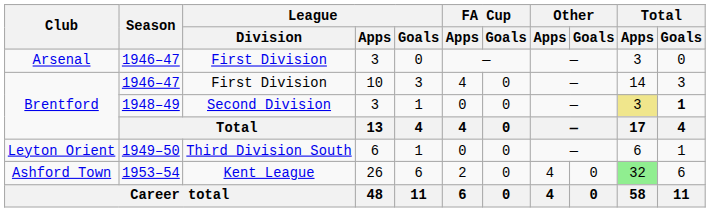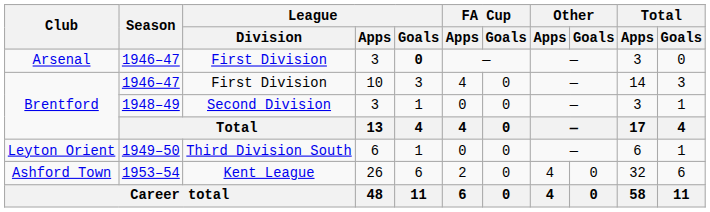 <table class="wikitable" style="text-align: center;">
 <tr>
 <th rowspan="2">Club</th>
 <th rowspan="2">Season</th>
 <th colspan="3">League</th>
 <th colspan="2">FA Cup</th>
 <th colspan="2">Other</th>
 <th colspan="2">Total</th>
 </tr>
 <tr>
 <th>Division</th>
 <th>Apps</th>
 <th>Goals</th>
 <th>Apps</th>
 <th>Goals</th>
 <th>Apps</th>
 <th>Goals</th>
 <th>Apps</th>
 <th>Goals</th>
 </tr>
 <tr>
 <td><a href='#'>Arsenal</a></td>
 <td><a href='#'>1946–47</a></td>
 <td><a href='#'>First Division</a></td>
 <td>3</td>
-<td>0</td>
+<td><strong>0</strong></td>
 <td colspan="2"><em>—</em></td>
 <td colspan="2"><em>—</em></td>
 <td>3</td>
 <td>0</td>
 </tr>
 <tr>
 <td rowspan="3"><a href='#'>Brentford</a></td>
 <td><a href='#'>1946–47</a></td>
 <td>First Division</td>
 <td>10</td>
 <td>3</td>
 <td>4</td>
 <td>0</td>
 <td colspan="2"><em>—</em></td>
 <td>14</td>
 <td>3</td>
 </tr>
 <tr>
 <td><a href='#'>1948–49</a></td>
 <td><a href='#'>Second Division</a></td>
 <td>3</td>
 <td>1</td>
 <td>0</td>
 <td>0</td>
 <td colspan="2"><em>—</em></td>
-<td style="background: khaki;">3</td>
-<td><strong>1</strong></td>
+<td>3</td>
+<td>1</td>
 </tr>
 <tr>
 <th colspan="2">Total</th>
 <th>13</th>
 <th>4</th>
 <th>4</th>
 <th>0</th>
 <th colspan="2"><em>—</em></th>
 <th>17</th>
 <th>4</th>
 </tr>
 <tr>
 <td><a href='#'>Leyton Orient</a></td>
 <td><a href='#'>1949–50</a></td>
 <td><a href='#'>Third Division South</a></td>
 <td>6</td>
 <td>1</td>
 <td>0</td>
 <td>0</td>
 <td colspan="2"><em>—</em></td>
 <td>6</td>
 <td>1</td>
 </tr>
 <tr>
 <td><a href='#'>Ashford Town</a></td>
 <td><a href='#'>1953–54</a></td>
 <td><a href='#'>Kent League</a></td>
 <td>26</td>
 <td>6</td>
 <td>2</td>
 <td>0</td>
 <td>4</td>
 <td>0</td>
-<td style="background: lightgreen;">32</td>
+<td>32</td>
 <td>6</td>
 </tr>
 <tr>
 <th colspan="3">Career total</th>
 <th>48</th>
 <th>11</th>
 <th>6</th>
 <th>0</th>
 <th>4</th>
 <th>0</th>
 <th>58</th>
 <th>11</th>
 </tr>
 </table>
